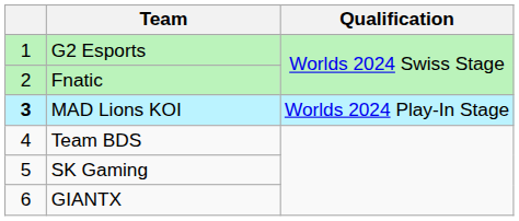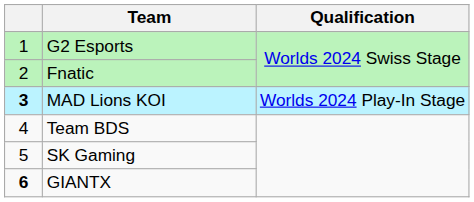 <table class="wikitable" style="text-align:center">
 <tr>
 <th width=28></th>
 <th width=190>Team</th>
 <th>Qualification</th>
 </tr>
 <tr style="background-color:#BBF3BB;">
 <td>1</td>
 <td style="text-align:left">G2 Esports</td>
 <td rowspan="2"><a href='#'>Worlds 2024</a> Swiss Stage</td>
 </tr>
 <tr style="background-color:#BBF3BB;">
 <td>2</td>
 <td style="text-align:left">Fnatic</td>
 </tr>
 <tr style="background-color:#BBF3FF;">
 <td><strong>3</strong></td>
 <td style="text-align:left">MAD Lions KOI</td>
 <td style="background-color:#BBF3FF;"><a href='#'>Worlds 2024</a> Play-In Stage</td>
 </tr>
 <tr>
 <td>4</td>
 <td style="text-align:left">Team BDS</td>
 </tr>
 <tr>
 <td>5</td>
 <td style="text-align:left">SK Gaming</td>
 </tr>
 <tr>
-<td>6</td>
+<td><strong>6</strong></td>
 <td style="text-align:left">GIANTX</td>
 </tr>
 </table>
